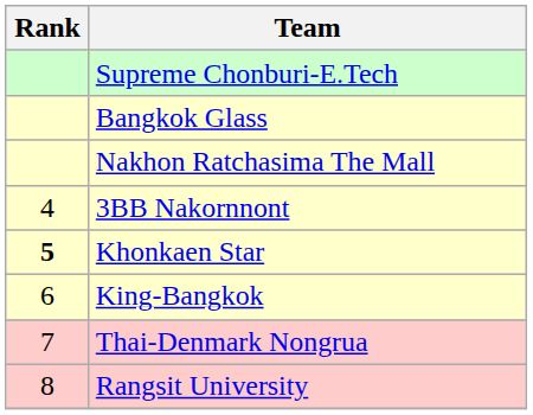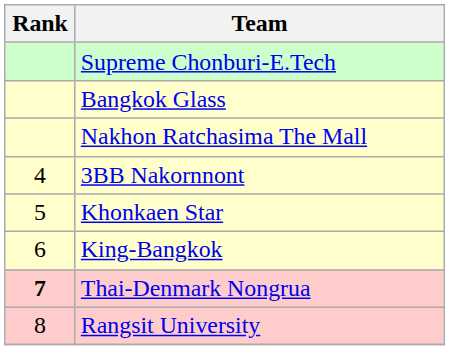 <table class="wikitable" style="text-align: center;">
 <tr>
 <th width=40>Rank</th>
 <th width=240>Team</th>
 </tr>
 <tr bgcolor=#ccffcc>
 <td></td>
 <td align=left><a href='#'>Supreme Chonburi-E.Tech</a></td>
 </tr>
 <tr bgcolor=#ffffcc>
 <td></td>
 <td align=left><a href='#'>Bangkok Glass</a></td>
 </tr>
 <tr bgcolor=#ffffcc>
 <td></td>
 <td align=left><a href='#'>Nakhon Ratchasima The Mall</a></td>
 </tr>
 <tr bgcolor=#ffffcc>
 <td>4</td>
 <td align=left><a href='#'>3BB Nakornnont</a></td>
 </tr>
 <tr bgcolor=#ffffcc>
-<td><strong>5</strong></td>
+<td>5</td>
 <td align=left><a href='#'>Khonkaen Star</a></td>
 </tr>
 <tr bgcolor=#ffffcc>
 <td>6</td>
 <td align=left><a href='#'>King-Bangkok</a></td>
 </tr>
 <tr bgcolor=#ffcccc>
-<td>7</td>
+<td><strong>7</strong></td>
 <td align=left><a href='#'>Thai-Denmark Nongrua</a></td>
 </tr>
 <tr bgcolor=#ffcccc>
 <td>8</td>
 <td align=left><a href='#'>Rangsit University</a></td>
 </tr>
 <tr>
 </tr>
 </table>
